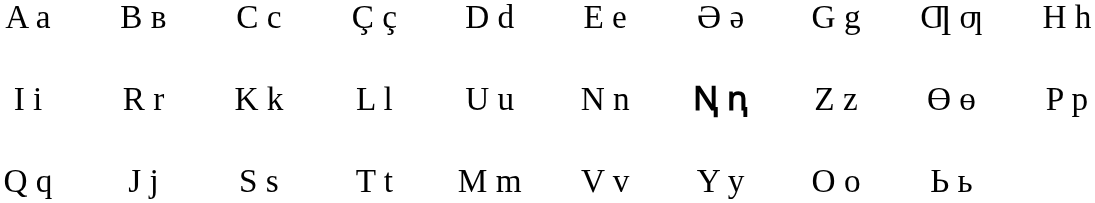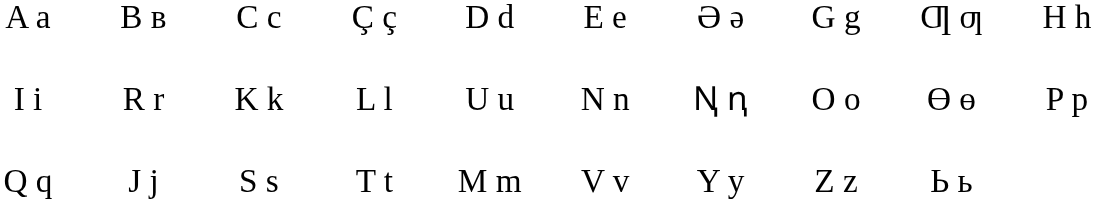 <table class="standard" cellpadding="5" style="font-size: 1.6em; font-family:'Times New Roman', serif; line-height: 2em; text-align: center;">
 <tr>
 <td style="width:3em;">A a</td>
 <td style="width:3em;">B ʙ</td>
 <td style="width:3em;">C c</td>
 <td style="width:3em;">Ç ç</td>
 <td style="width:3em;">D d</td>
 <td style="width:3em;">E e</td>
 <td style="width:3em;">Ə ə</td>
 <td style="width:3em;">G g</td>
 <td style="width:3em;">Ƣ ƣ</td>
 <td style="width:3em;">H h</td>
 </tr>
 <tr>
 <td>I i</td>
 <td>R r</td>
 <td>K k</td>
 <td>L l</td>
 <td>U u</td>
 <td>N n</td>
-<td><strong>Ꞑ ꞑ</strong></td>
-<td>Z z</td>
+<td>Ꞑ ꞑ</td>
+<td>O o</td>
 <td>Ɵ ɵ</td>
 <td>P p</td>
 </tr>
 <tr>
 <td>Q q</td>
 <td>J j</td>
 <td>S s</td>
 <td>T t</td>
 <td>M m</td>
 <td>V v</td>
 <td>Y y</td>
-<td>O o</td>
+<td>Z z</td>
 <td>Ь ь</td>
 </tr>
 </table>
